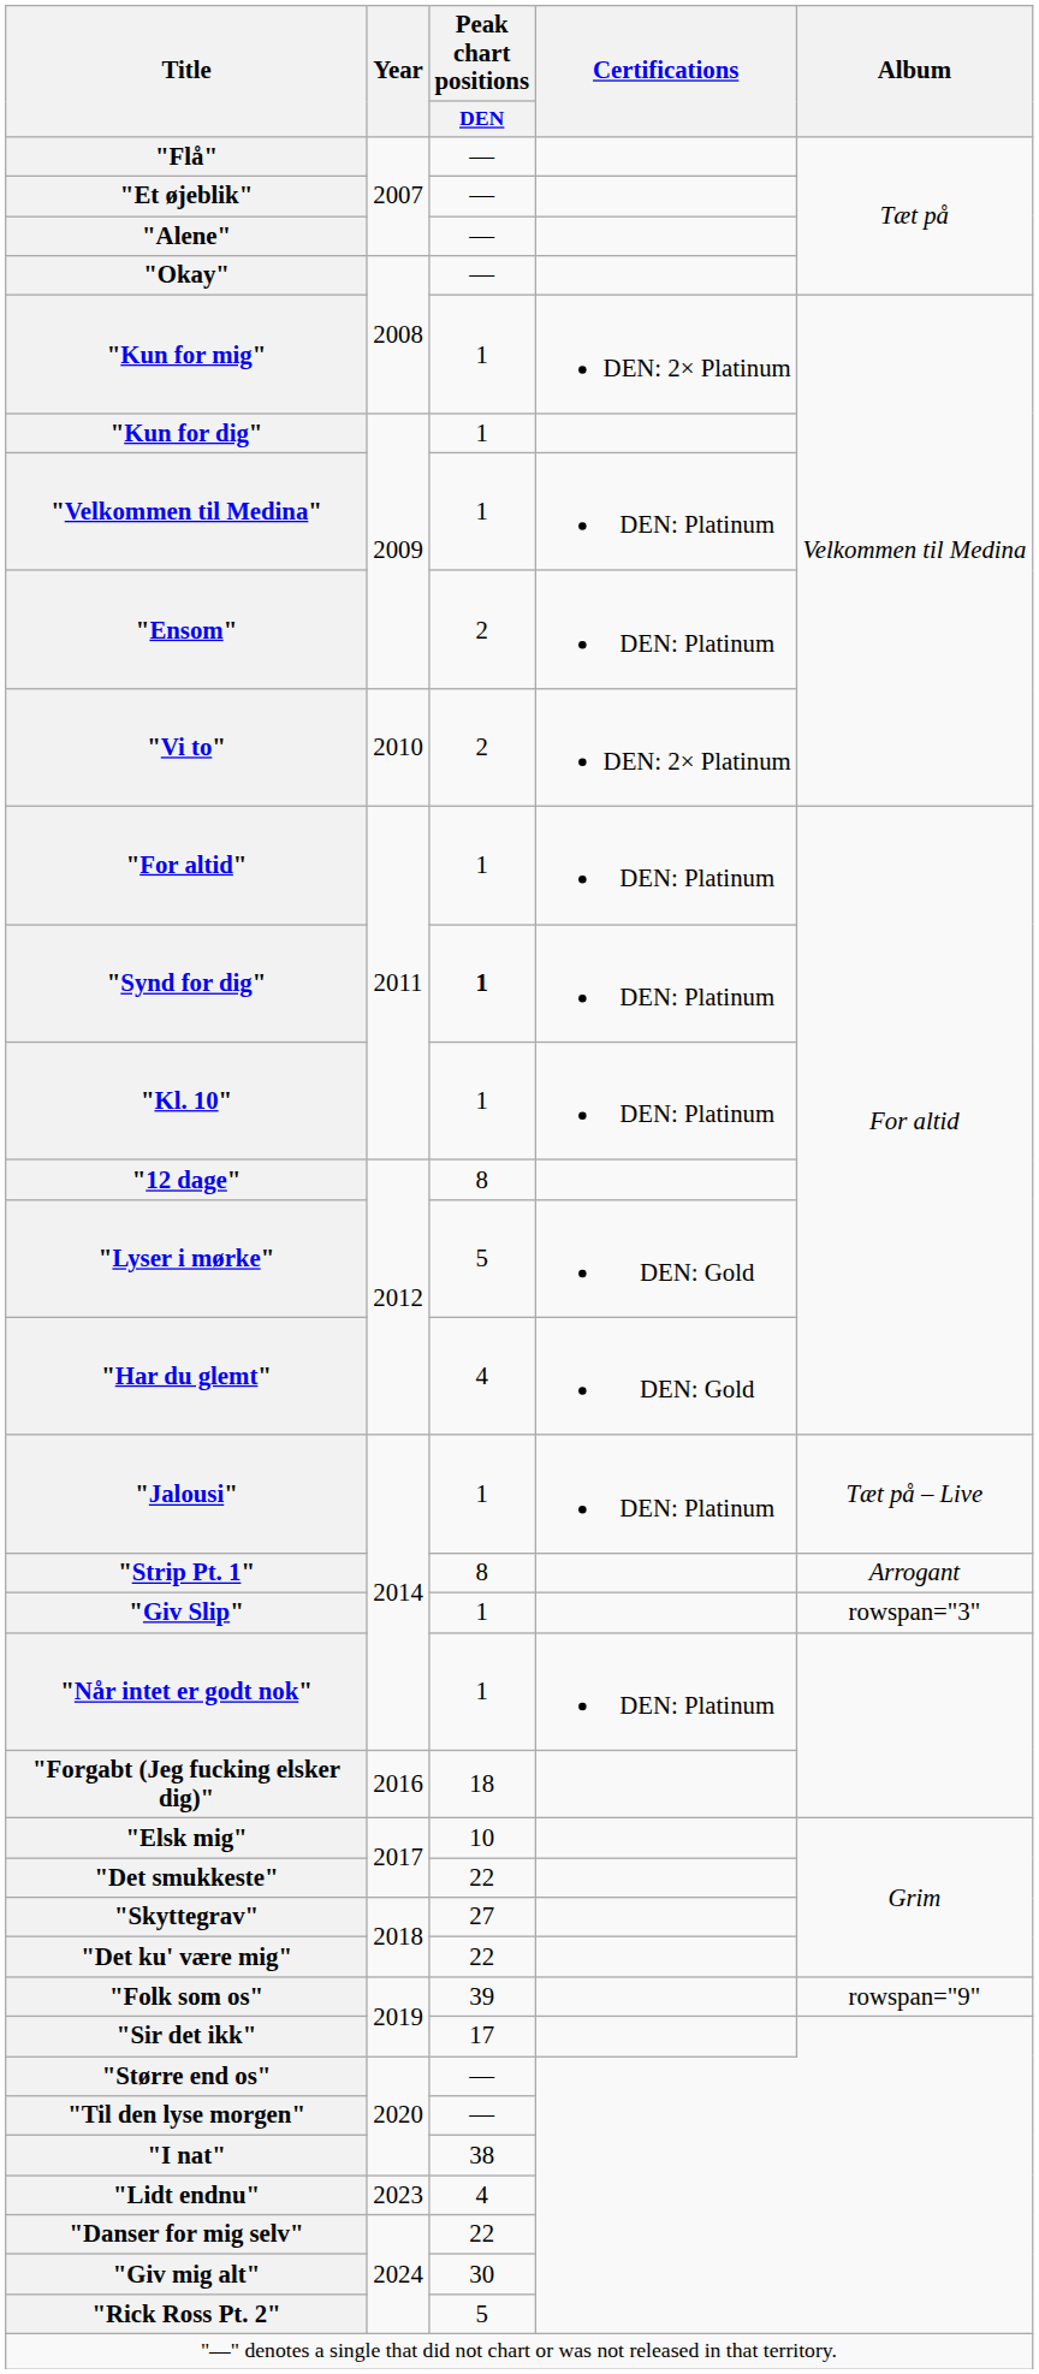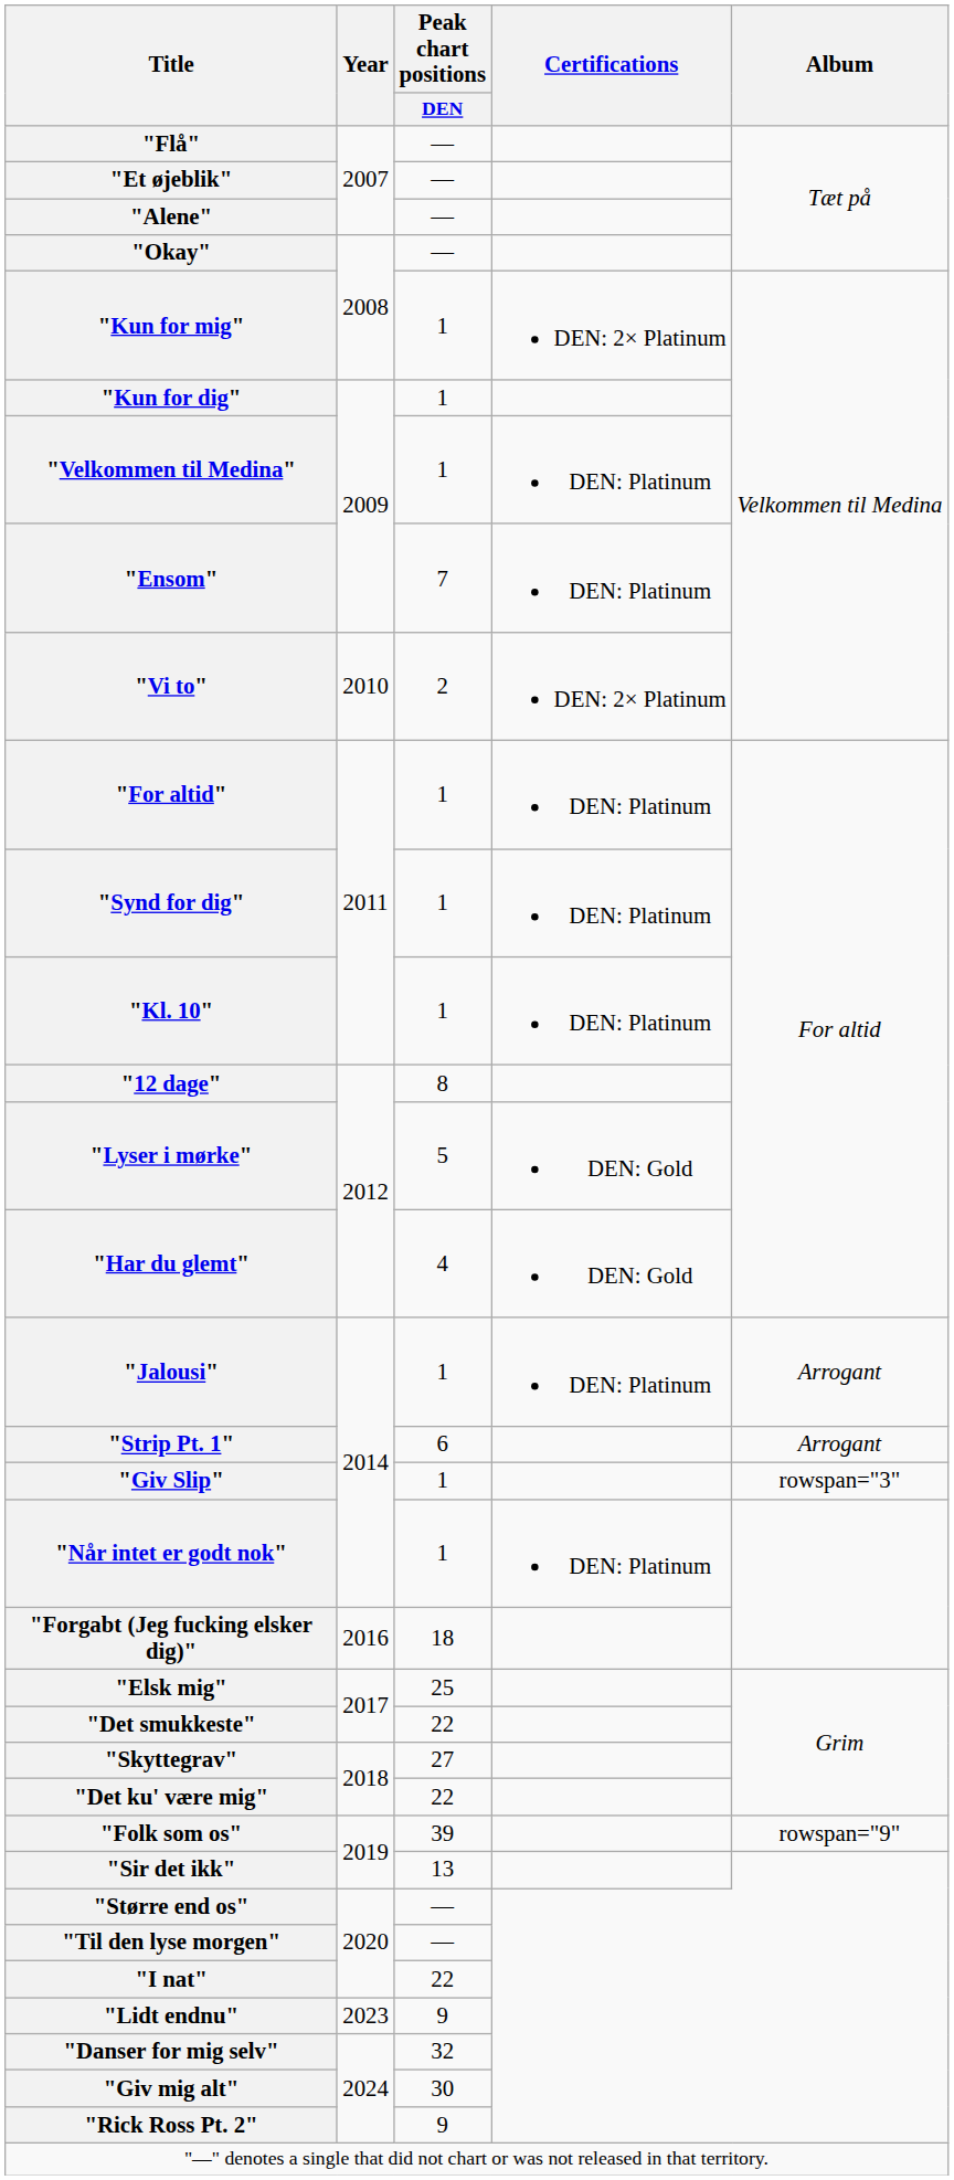 <table class="wikitable plainrowheaders" style="text-align:center;" border="1">
 <tr>
 <th scope="col" rowspan="2" style="width:14em;">Title</th>
 <th scope="col" rowspan="2" style="width:1em;">Year</th>
 <th scope="col" colspan="1">Peak chart positions</th>
 <th scope="col" rowspan="2"><a href='#'>Certifications</a></th>
 <th scope="col" rowspan="2">Album</th>
 </tr>
 <tr>
 <th scope="col" style="width:4em;font-size:85%"><a href='#'>DEN</a><br></th>
 </tr>
 <tr>
 <th scope="row">"Flå" <br></th>
 <td rowspan="3">2007</td>
 <td>—</td>
 <td></td>
 <td rowspan="4"><em>Tæt på</em></td>
 </tr>
 <tr>
 <th scope="row">"Et øjeblik" <br></th>
 <td>—</td>
 <td></td>
 </tr>
 <tr>
 <th scope="row">"Alene"</th>
 <td>—</td>
 <td></td>
 </tr>
 <tr>
 <th scope="row">"Okay"</th>
 <td rowspan="2">2008</td>
 <td>—</td>
 <td></td>
 </tr>
 <tr>
 <th scope="row">"<a href='#'>Kun for mig</a>"</th>
 <td>1</td>
 <td><br><ul><li>DEN: 2× Platinum</li></ul></td>
 <td rowspan="5"><em>Velkommen til Medina</em></td>
 </tr>
 <tr>
 <th scope="row">"<a href='#'>Kun for dig</a>" <br></th>
 <td rowspan="3">2009</td>
 <td>1</td>
 <td></td>
 </tr>
 <tr>
 <th scope="row">"<a href='#'>Velkommen til Medina</a>"</th>
 <td>1</td>
 <td><br><ul><li>DEN: Platinum</li></ul></td>
 </tr>
 <tr>
 <th scope="row">"<a href='#'>Ensom</a>"</th>
-<td>2</td>
+<td>7</td>
 <td><br><ul><li>DEN: Platinum</li></ul></td>
 </tr>
 <tr>
 <th scope="row">"<a href='#'>Vi to</a>"</th>
 <td>2010</td>
 <td>2</td>
 <td><br><ul><li>DEN: 2× Platinum</li></ul></td>
 </tr>
 <tr>
 <th scope="row">"<a href='#'>For altid</a>"</th>
 <td rowspan="3">2011</td>
 <td>1</td>
 <td><br><ul><li>DEN: Platinum</li></ul></td>
 <td rowspan="6"><em>For altid</em></td>
 </tr>
 <tr>
 <th scope="row">"<a href='#'>Synd for dig</a>"</th>
-<td><strong>1</strong></td>
+<td>1</td>
 <td><br><ul><li>DEN: Platinum</li></ul></td>
 </tr>
 <tr>
 <th scope="row">"<a href='#'>Kl. 10</a>"</th>
 <td>1</td>
 <td><br><ul><li>DEN: Platinum</li></ul></td>
 </tr>
 <tr>
 <th scope="row">"<a href='#'>12 dage</a>"</th>
 <td rowspan="3">2012</td>
 <td>8</td>
 <td></td>
 </tr>
 <tr>
 <th scope="row">"<a href='#'>Lyser i mørke</a>"</th>
 <td>5</td>
 <td><br><ul><li>DEN: Gold</li></ul></td>
 </tr>
 <tr>
 <th scope="row">"<a href='#'>Har du glemt</a>"</th>
 <td>4</td>
 <td><br><ul><li>DEN: Gold</li></ul></td>
 </tr>
 <tr>
 <th scope="row">"<a href='#'>Jalousi</a>"</th>
 <td rowspan="4">2014</td>
 <td>1</td>
 <td><br><ul><li>DEN: Platinum</li></ul></td>
-<td><em>Tæt på – Live</em></td>
+<td><em>Arrogant</em></td>
 </tr>
 <tr>
 <th scope="row">"<a href='#'>Strip Pt. 1</a>"</th>
-<td>8</td>
+<td>6</td>
 <td></td>
 <td><em>Arrogant</em></td>
 </tr>
 <tr>
 <th scope="row">"<a href='#'>Giv Slip</a>"</th>
 <td>1</td>
 <td></td>
 <td>rowspan="3" </td>
 </tr>
 <tr>
 <th scope="row">"<a href='#'>Når intet er godt nok</a>"</th>
 <td>1</td>
 <td><br><ul><li>DEN: Platinum</li></ul></td>
 </tr>
 <tr>
 <th scope="row">"Forgabt (Jeg fucking elsker dig)"</th>
 <td>2016</td>
 <td>18</td>
 <td></td>
 </tr>
 <tr>
 <th scope="row">"Elsk mig"</th>
 <td rowspan="2">2017</td>
-<td>10</td>
+<td>25</td>
 <td></td>
 <td rowspan="4"><em>Grim</em></td>
 </tr>
 <tr>
 <th scope="row">"Det smukkeste"</th>
 <td>22</td>
 <td></td>
 </tr>
 <tr>
 <th scope="row">"Skyttegrav"</th>
 <td rowspan="2">2018</td>
 <td>27</td>
 <td></td>
 </tr>
 <tr>
 <th scope="row">"Det ku' være mig"</th>
 <td>22</td>
 <td></td>
 </tr>
 <tr>
 <th scope="row">"Folk som os"<br></th>
 <td rowspan="2">2019</td>
 <td>39</td>
 <td></td>
 <td>rowspan="9" </td>
 </tr>
 <tr>
 <th scope="row">"Sir det ikk"</th>
-<td>17</td>
+<td>13</td>
 <td></td>
 </tr>
 <tr>
 <th scope="row">"Større end os"</th>
 <td rowspan="3">2020</td>
 <td>—</td>
 </tr>
 <tr>
 <th scope="row">"Til den lyse morgen"</th>
 <td>—</td>
 </tr>
 <tr>
 <th scope="row">"I nat"<br></th>
-<td>38</td>
+<td>22</td>
 </tr>
 <tr>
 <th scope="row">"Lidt endnu"<br></th>
 <td>2023</td>
-<td>4<br></td>
+<td>9<br></td>
 </tr>
 <tr>
 <th scope="row">"Danser for mig selv"</th>
 <td rowspan="3">2024</td>
-<td>22<br></td>
+<td>32<br></td>
 </tr>
 <tr>
 <th scope="row">"Giv mig alt"</th>
 <td>30<br></td>
 </tr>
 <tr>
 <th scope="row">"Rick Ross Pt. 2"<br></th>
-<td>5<br></td>
+<td>9<br></td>
 </tr>
 <tr>
 <td colspan="18" style="font-size:85%">"—" denotes a single that did not chart or was not released in that territory.</td>
 </tr>
 </table>
